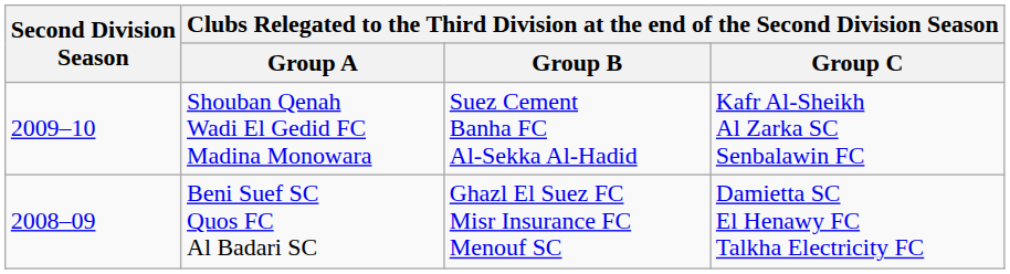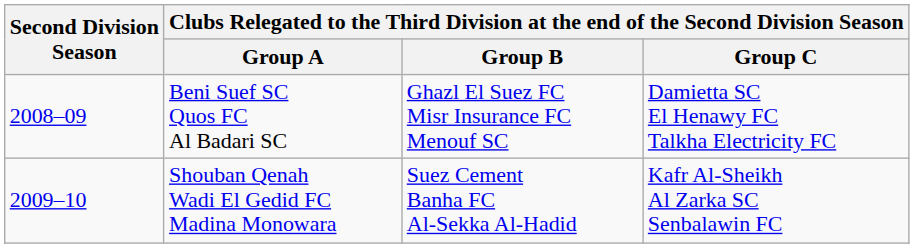 <table class="wikitable" style="text–align:left;">
 <tr>
 <th rowspan="2">Second Division <br> Season</th>
 <th colspan="3" style="text–align: center;">Clubs Relegated to the Third Division at the end of the Second Division Season</th>
 </tr>
 <tr>
 <th>Group A</th>
 <th>Group B</th>
 <th>Group C</th>
 </tr>
 <tr>
+<td><a href='#'>2008–09</a></td>
+<td><a href='#'>Beni Suef SC</a> <br> <a href='#'>Quos FC</a> <br> Al Badari SC</td>
+<td><a href='#'>Ghazl El Suez FC</a> <br> <a href='#'>Misr Insurance FC</a> <br> <a href='#'>Menouf SC</a></td>
+<td><a href='#'>Damietta SC</a> <br> <a href='#'>El Henawy FC</a> <br> <a href='#'>Talkha Electricity FC</a></td>
+</tr>
+<tr>
 <td><a href='#'>2009–10</a></td>
 <td><a href='#'>Shouban Qenah</a> <br> <a href='#'>Wadi El Gedid FC</a> <br> <a href='#'>Madina Monowara</a></td>
 <td><a href='#'>Suez Cement</a> <br> <a href='#'>Banha FC</a> <br> <a href='#'>Al-Sekka Al-Hadid</a></td>
 <td><a href='#'>Kafr Al-Sheikh</a> <br> <a href='#'>Al Zarka SC</a> <br> <a href='#'>Senbalawin FC</a></td>
 </tr>
-<tr>
-<td><a href='#'>2008–09</a></td>
-<td><a href='#'>Beni Suef SC</a> <br> <a href='#'>Quos FC</a> <br> Al Badari SC</td>
-<td><a href='#'>Ghazl El Suez FC</a> <br> <a href='#'>Misr Insurance FC</a> <br> <a href='#'>Menouf SC</a></td>
-<td><a href='#'>Damietta SC</a> <br> <a href='#'>El Henawy FC</a> <br> <a href='#'>Talkha Electricity FC</a></td>
-</tr>
 </table>
